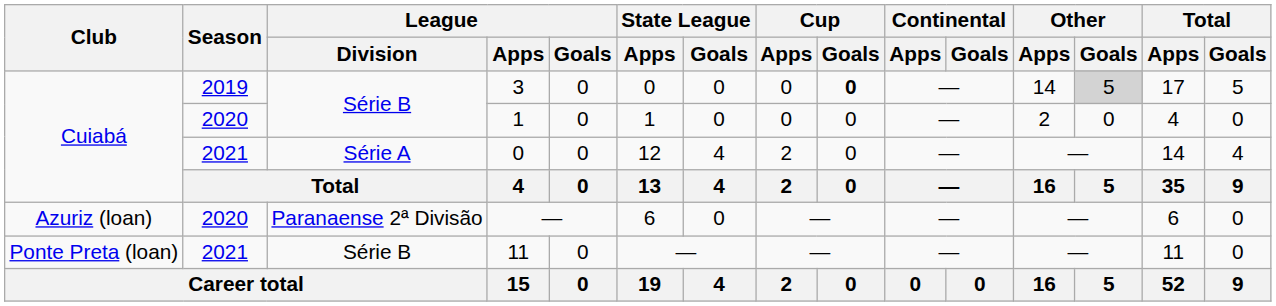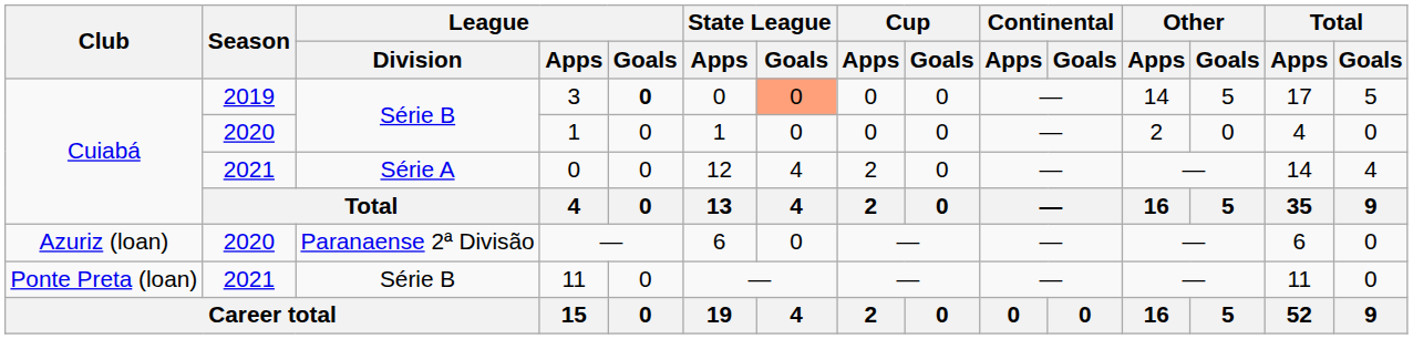 <table class="wikitable" style="text-align: center">
 <tr>
 <th rowspan="2">Club</th>
 <th rowspan="2">Season</th>
 <th colspan="3">League</th>
 <th colspan="2">State League</th>
 <th colspan="2">Cup</th>
 <th colspan="2">Continental</th>
 <th colspan="2">Other</th>
 <th colspan="2">Total</th>
 </tr>
 <tr>
 <th>Division</th>
 <th>Apps</th>
 <th>Goals</th>
 <th>Apps</th>
 <th>Goals</th>
 <th>Apps</th>
 <th>Goals</th>
 <th>Apps</th>
 <th>Goals</th>
 <th>Apps</th>
 <th>Goals</th>
 <th>Apps</th>
 <th>Goals</th>
 </tr>
 <tr>
 <td rowspan="4"><a href='#'>Cuiabá</a></td>
 <td><a href='#'>2019</a></td>
 <td rowspan="2"><a href='#'>Série B</a></td>
 <td>3</td>
+<td><strong>0</strong></td>
+<td>0</td>
+<td style="background: lightsalmon;">0</td>
 <td>0</td>
 <td>0</td>
-<td>0</td>
-<td>0</td>
-<td><strong>0</strong></td>
 <td colspan="2">—</td>
 <td>14</td>
-<td style="background: lightgrey;">5</td>
+<td>5</td>
 <td>17</td>
 <td>5</td>
 </tr>
 <tr>
 <td><a href='#'>2020</a></td>
 <td>1</td>
 <td>0</td>
 <td>1</td>
 <td>0</td>
 <td>0</td>
 <td>0</td>
 <td colspan="2">—</td>
 <td>2</td>
 <td>0</td>
 <td>4</td>
 <td>0</td>
 </tr>
 <tr>
 <td><a href='#'>2021</a></td>
 <td><a href='#'>Série A</a></td>
 <td>0</td>
 <td>0</td>
 <td>12</td>
 <td>4</td>
 <td>2</td>
 <td>0</td>
 <td colspan="2">—</td>
 <td colspan="2">—</td>
 <td>14</td>
 <td>4</td>
 </tr>
 <tr>
 <th colspan="2">Total</th>
 <th>4</th>
 <th>0</th>
 <th>13</th>
 <th>4</th>
 <th>2</th>
 <th>0</th>
 <th colspan="2">—</th>
 <th>16</th>
 <th>5</th>
 <th>35</th>
 <th>9</th>
 </tr>
 <tr>
 <td><a href='#'>Azuriz</a> (loan)</td>
 <td><a href='#'>2020</a></td>
 <td><a href='#'>Paranaense</a> 2ª Divisão</td>
 <td colspan="2">—</td>
 <td>6</td>
 <td>0</td>
 <td colspan="2">—</td>
 <td colspan="2">—</td>
 <td colspan="2">—</td>
 <td>6</td>
 <td>0</td>
 </tr>
 <tr>
 <td><a href='#'>Ponte Preta</a> (loan)</td>
 <td><a href='#'>2021</a></td>
 <td>Série B</td>
 <td>11</td>
 <td>0</td>
 <td colspan="2">—</td>
 <td colspan="2">—</td>
 <td colspan="2">—</td>
 <td colspan="2">—</td>
 <td>11</td>
 <td>0</td>
 </tr>
 <tr>
 <th colspan="3"><strong>Career total</strong></th>
 <th>15</th>
 <th>0</th>
 <th>19</th>
 <th>4</th>
 <th>2</th>
 <th>0</th>
 <th>0</th>
 <th>0</th>
 <th>16</th>
 <th>5</th>
 <th>52</th>
 <th>9</th>
 </tr>
 </table>
